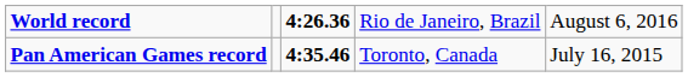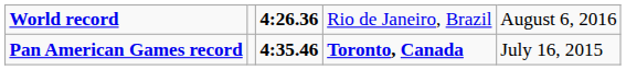 <table class="wikitable">
 <tr>
 <td><strong><a href='#'>World record</a></strong></td>
 <td></td>
 <td><strong>4:26.36</strong></td>
 <td><a href='#'>Rio de Janeiro</a>, <a href='#'>Brazil</a></td>
 <td>August 6, 2016</td>
 </tr>
 <tr>
 <td><strong><a href='#'>Pan American Games record</a></strong></td>
 <td></td>
 <td><strong>4:35.46</strong></td>
-<td><a href='#'>Toronto</a>, <a href='#'>Canada</a></td>
+<td><strong><a href='#'>Toronto</a>, <a href='#'>Canada</a></strong></td>
 <td>July 16, 2015</td>
 </tr>
 </table>
